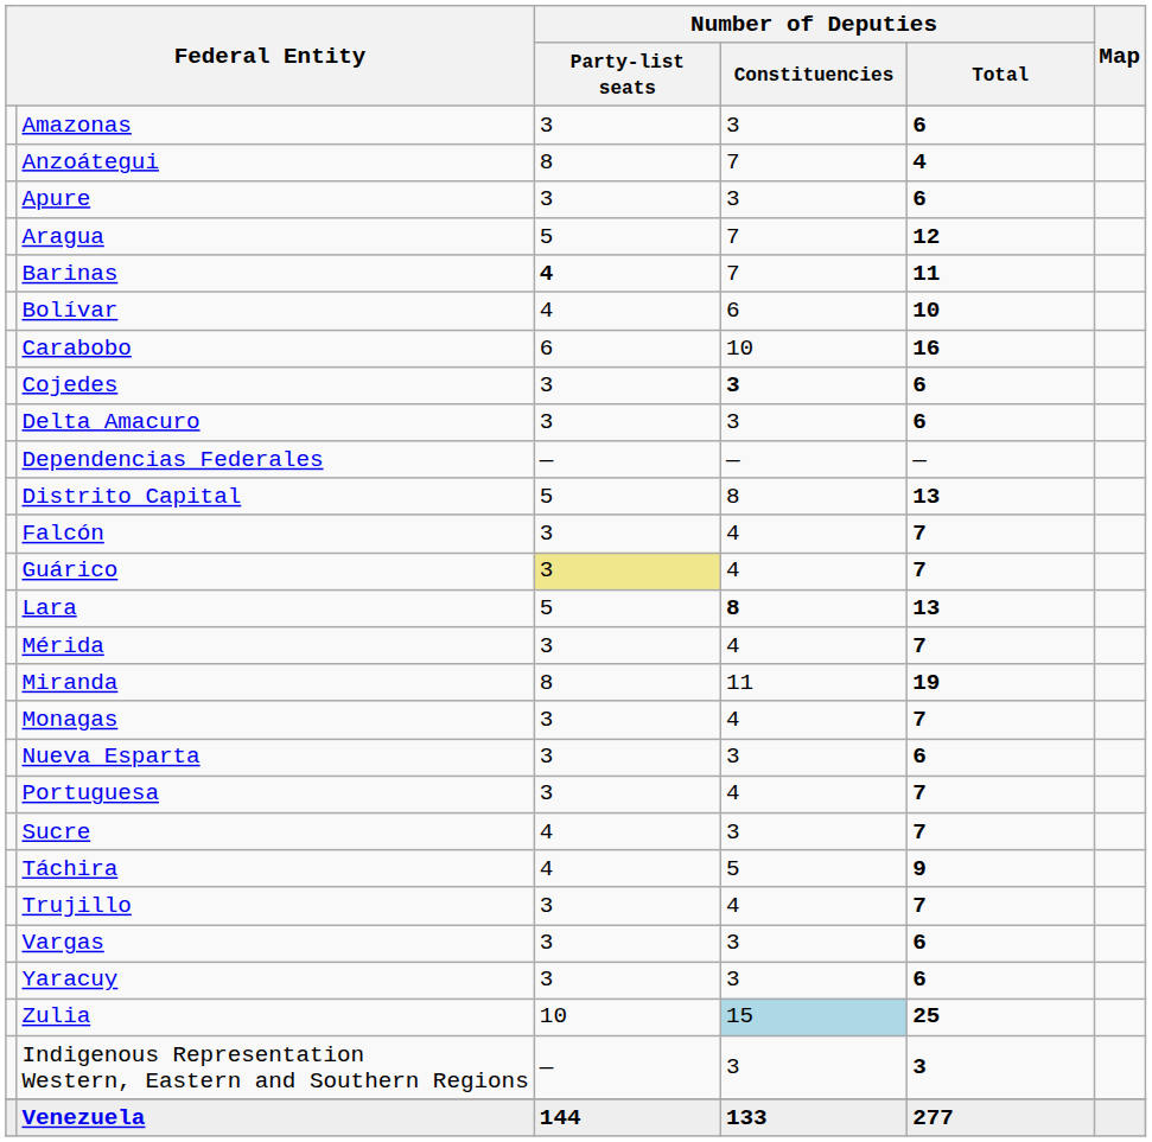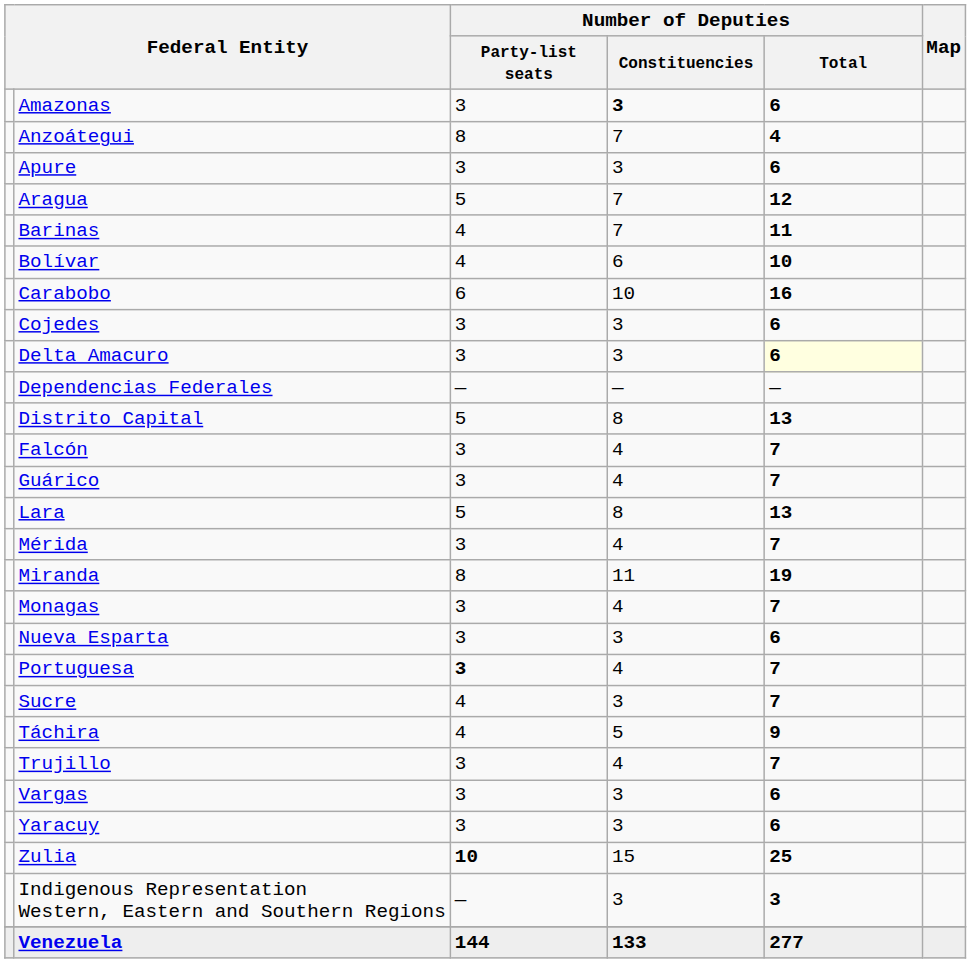 <table class="wikitable sortable" style="margin:1em auto;">
 <tr>
 <th colspan="2" rowspan="2">Federal Entity</th>
 <th colspan="3">Number of Deputies</th>
 <th colspan="2" rowspan="2">Map</th>
 </tr>
 <tr>
 <th width="100"><small>Party-list seats</small></th>
 <th width="100"><small>Constituencies</small></th>
 <th width="100"><small>Total</small></th>
 </tr>
 <tr>
 <td align=left></td>
 <td><a href='#'>Amazonas</a></td>
 <td>3</td>
-<td>3</td>
+<td><strong>3</strong></td>
 <td><strong>6</strong></td>
 <td></td>
 </tr>
 <tr>
 <td align=left></td>
 <td><a href='#'>Anzoátegui</a></td>
 <td>8</td>
 <td>7</td>
 <td><strong>4</strong></td>
 <td></td>
 </tr>
 <tr>
 <td align=left></td>
 <td><a href='#'>Apure</a></td>
 <td>3</td>
 <td>3</td>
 <td><strong>6</strong></td>
 <td></td>
 </tr>
 <tr>
 <td align=left></td>
 <td><a href='#'>Aragua</a></td>
 <td>5</td>
 <td>7</td>
 <td><strong>12</strong></td>
 <td></td>
 </tr>
 <tr>
 <td align=left></td>
 <td><a href='#'>Barinas</a></td>
-<td><strong>4</strong></td>
+<td>4</td>
 <td>7</td>
 <td><strong>11</strong></td>
 <td></td>
 </tr>
 <tr>
 <td align=left></td>
 <td><a href='#'>Bolívar</a></td>
 <td>4</td>
 <td>6</td>
 <td><strong>10</strong></td>
 <td></td>
 </tr>
 <tr>
 <td align=left></td>
 <td><a href='#'>Carabobo</a></td>
 <td>6</td>
 <td>10</td>
 <td><strong>16</strong></td>
 <td></td>
 </tr>
 <tr>
 <td align=left></td>
 <td><a href='#'>Cojedes</a></td>
 <td>3</td>
-<td><strong>3</strong></td>
+<td>3</td>
 <td><strong>6</strong></td>
 <td></td>
 </tr>
 <tr>
 <td align=left></td>
 <td><a href='#'>Delta Amacuro</a></td>
 <td>3</td>
 <td>3</td>
-<td><strong>6</strong></td>
+<td style="background: lightyellow;"><strong>6</strong></td>
 <td></td>
 </tr>
 <tr>
 <td align=left></td>
 <td><a href='#'>Dependencias Federales</a></td>
 <td>—</td>
 <td>—</td>
 <td>—</td>
 <td></td>
 </tr>
 <tr>
 <td align=left></td>
 <td><a href='#'>Distrito Capital</a></td>
 <td>5</td>
 <td>8</td>
 <td><strong>13</strong></td>
 <td></td>
 </tr>
 <tr>
 <td align=left></td>
 <td><a href='#'>Falcón</a></td>
 <td>3</td>
 <td>4</td>
 <td><strong>7</strong></td>
 <td></td>
 </tr>
 <tr>
 <td align=left></td>
 <td><a href='#'>Guárico</a></td>
-<td style="background: khaki;">3</td>
+<td>3</td>
 <td>4</td>
 <td><strong>7</strong></td>
 <td></td>
 </tr>
 <tr>
 <td align=left></td>
 <td><a href='#'>Lara</a></td>
 <td>5</td>
-<td><strong>8</strong></td>
+<td>8</td>
 <td><strong>13</strong></td>
 <td></td>
 </tr>
 <tr>
 <td align=left></td>
 <td><a href='#'>Mérida</a></td>
 <td>3</td>
 <td>4</td>
 <td><strong>7</strong></td>
 <td></td>
 </tr>
 <tr>
 <td align=left></td>
 <td><a href='#'>Miranda</a></td>
 <td>8</td>
 <td>11</td>
 <td><strong>19</strong></td>
 <td></td>
 </tr>
 <tr>
 <td align=left></td>
 <td><a href='#'>Monagas</a></td>
 <td>3</td>
 <td>4</td>
 <td><strong>7</strong></td>
 <td></td>
 </tr>
 <tr>
 <td align=left></td>
 <td><a href='#'>Nueva Esparta</a></td>
 <td>3</td>
 <td>3</td>
 <td><strong>6</strong></td>
 <td></td>
 </tr>
 <tr>
 <td align=left></td>
 <td><a href='#'>Portuguesa</a></td>
-<td>3</td>
+<td><strong>3</strong></td>
 <td>4</td>
 <td><strong>7</strong></td>
 <td></td>
 </tr>
 <tr>
 <td align=left></td>
 <td><a href='#'>Sucre</a></td>
 <td>4</td>
 <td>3</td>
 <td><strong>7</strong></td>
 <td></td>
 </tr>
 <tr>
 <td align=left></td>
 <td><a href='#'>Táchira</a></td>
 <td>4</td>
 <td>5</td>
 <td><strong>9</strong></td>
 <td></td>
 </tr>
 <tr>
 <td align=left></td>
 <td><a href='#'>Trujillo</a></td>
 <td>3</td>
 <td>4</td>
 <td><strong>7</strong></td>
 <td></td>
 </tr>
 <tr>
 <td align=left></td>
 <td><a href='#'>Vargas</a></td>
 <td>3</td>
 <td>3</td>
 <td><strong>6</strong></td>
 <td></td>
 </tr>
 <tr>
 <td align=left></td>
 <td><a href='#'>Yaracuy</a></td>
 <td>3</td>
 <td>3</td>
 <td><strong>6</strong></td>
 <td></td>
 </tr>
 <tr>
 <td align=left></td>
 <td><a href='#'>Zulia</a></td>
-<td>10</td>
-<td style="background: lightblue;">15</td>
+<td><strong>10</strong></td>
+<td>15</td>
 <td><strong>25</strong></td>
 <td></td>
 </tr>
 <tr>
 <td align=left></td>
 <td>Indigenous Representation<br>Western, Eastern and Southern Regions</td>
 <td>—</td>
 <td>3</td>
 <td><strong>3</strong></td>
 <td></td>
 </tr>
 <tr>
 </tr>
 <tr bgcolor=#eeeeee>
 <td align=left></td>
 <td><strong><a href='#'>Venezuela</a></strong></td>
 <td><strong>144</strong></td>
 <td><strong>133</strong></td>
 <td><strong>277</strong></td>
 <td></td>
 </tr>
 </table>
